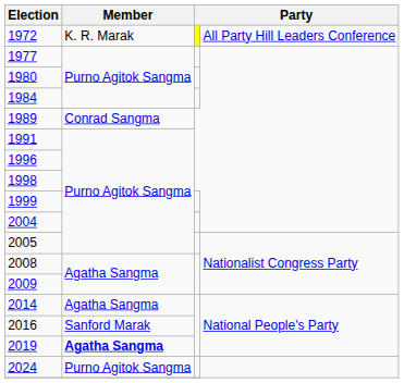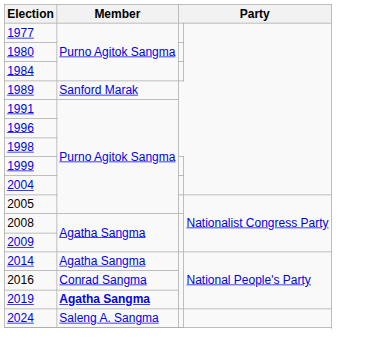 <table class="wikitable sortable">
 <tr>
 <th>Election</th>
 <th>Member</th>
 <th colspan="2">Party</th>
-</tr>
-<tr>
-<td><a href='#'>1972</a></td>
-<td>K. R. Marak</td>
-<td style="background-color: yellow"></td>
-<td><a href='#'>All Party Hill Leaders Conference</a></td>
 </tr>
 <tr>
 <td><a href='#'>1977</a></td>
 <td rowspan="3"><a href='#'>Purno Agitok Sangma</a></td>
 <td></td>
 </tr>
 <tr>
 <td><a href='#'>1980</a></td>
 <td></td>
 </tr>
 <tr>
 <td><a href='#'>1984</a></td>
 <td></td>
 </tr>
 <tr>
 <td><a href='#'>1989</a></td>
-<td><a href='#'>Conrad Sangma</a></td>
+<td><a href='#'>Sanford Marak</a></td>
 </tr>
 <tr>
 <td><a href='#'>1991</a></td>
 <td rowspan="6"><a href='#'>Purno Agitok Sangma</a></td>
 </tr>
 <tr>
 <td><a href='#'>1996</a></td>
 </tr>
 <tr>
 <td><a href='#'>1998</a></td>
 </tr>
 <tr>
 <td><a href='#'>1999</a></td>
 <td></td>
 </tr>
 <tr>
 <td><a href='#'>2004</a></td>
 <td></td>
 </tr>
 <tr>
 <td>2005</td>
 <td style="background-color: "></td>
 <td rowspan="3"><a href='#'>Nationalist Congress Party</a></td>
 </tr>
 <tr>
 <td>2008</td>
 <td rowspan="2"><a href='#'>Agatha Sangma</a></td>
 <td rowspan="2" style="background-color: "></td>
 </tr>
 <tr>
 <td><a href='#'>2009</a></td>
 </tr>
 <tr>
 <td><a href='#'>2014</a></td>
 <td><a href='#'>Agatha Sangma</a></td>
 <td rowspan="3" style="background-color: "></td>
 <td rowspan="3"><a href='#'>National People's Party</a></td>
 </tr>
 <tr>
 <td>2016</td>
-<td><a href='#'>Sanford Marak</a></td>
+<td><a href='#'>Conrad Sangma</a></td>
 </tr>
 <tr>
 <td><a href='#'>2019</a></td>
 <td><strong><a href='#'>Agatha Sangma</a></strong></td>
 </tr>
 <tr>
 <td><a href='#'>2024</a></td>
-<td><a href='#'>Purno Agitok Sangma</a></td>
+<td><a href='#'>Saleng A. Sangma</a></td>
 <td></td>
 </tr>
 <tr>
 </tr>
 </table>
